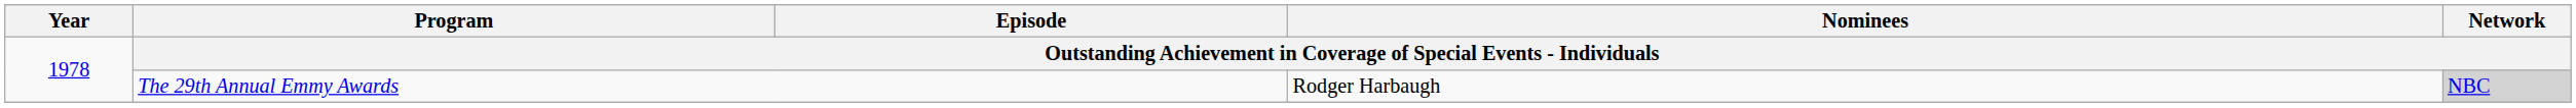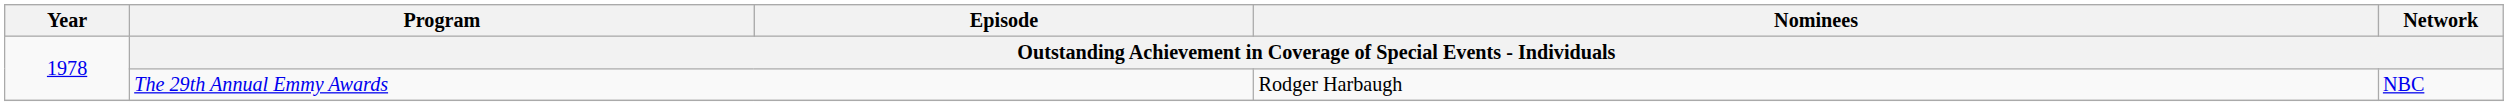 <table class="wikitable" style="width:100%">
 <tr bgcolor="#bebebe">
 <th style="width:5%;">Year</th>
 <th style="width:25%;">Program</th>
 <th style="width:20%;">Episode</th>
 <th style="width:45%;">Nominees</th>
 <th style="width:5%;">Network</th>
 </tr>
 <tr>
 <td rowspan=2 style="text-align:center"><a href='#'>1978</a></td>
 <th colspan="4">Outstanding Achievement in Coverage of Special Events - Individuals</th>
 </tr>
 <tr>
 <td colspan=2><em><a href='#'>The 29th Annual Emmy Awards</a></em></td>
 <td>Rodger Harbaugh</td>
-<td style="background: lightgrey;"><a href='#'>NBC</a></td>
+<td><a href='#'>NBC</a></td>
 </tr>
 <tr>
 </tr>
 </table>
